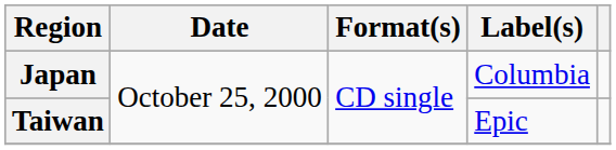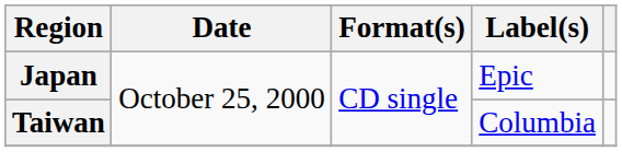 <table class="wikitable sortable plainrowheaders">
 <tr>
 <th scope="col">Region</th>
 <th scope="col">Date</th>
 <th scope="col">Format(s)</th>
 <th scope="col">Label(s)</th>
 <th scope="col"></th>
 </tr>
 <tr>
 <th scope="row">Japan</th>
 <td rowspan="2">October 25, 2000</td>
 <td rowspan="2"><a href='#'>CD single</a></td>
-<td><a href='#'>Columbia</a></td>
+<td><a href='#'>Epic</a></td>
 <td align="center"></td>
 </tr>
 <tr>
 <th scope="row">Taiwan</th>
-<td><a href='#'>Epic</a></td>
+<td><a href='#'>Columbia</a></td>
 <td align="center"></td>
 </tr>
 <tr>
 </tr>
 </table>
